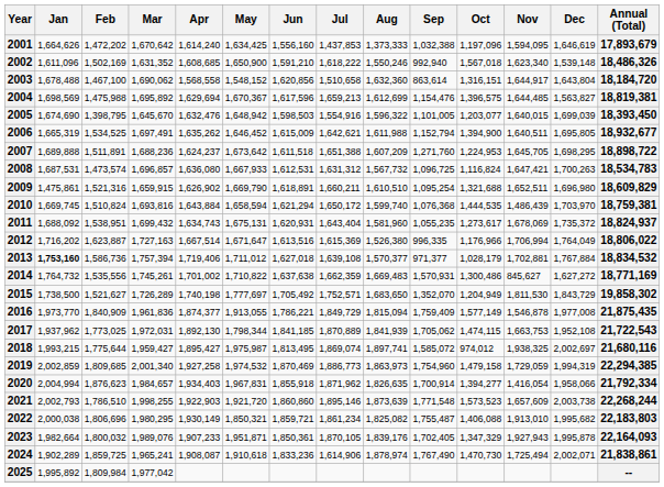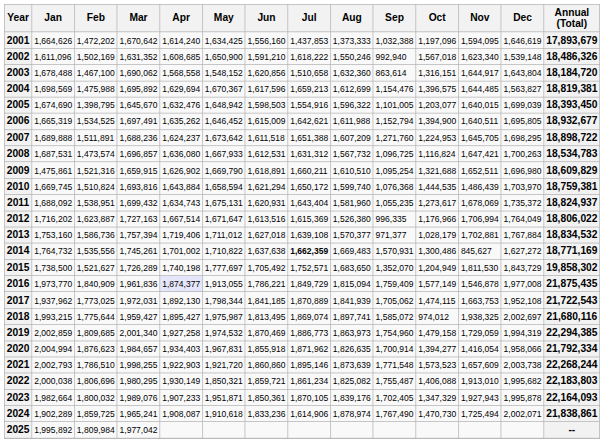 <table class="wikitable">
 <tr>
 <th>Year</th>
 <th>Jan</th>
 <th>Feb</th>
 <th>Mar</th>
 <th>Apr</th>
 <th>May</th>
 <th>Jun</th>
 <th>Jul</th>
 <th>Aug</th>
 <th>Sep</th>
 <th>Oct</th>
 <th>Nov</th>
 <th>Dec</th>
 <th>Annual (Total)</th>
 </tr>
 <tr>
 <th>2001</th>
 <td><small>1,664,626</small></td>
 <td><small>1,472,202</small></td>
 <td><small>1,670,642</small></td>
 <td><small>1,614,240</small></td>
 <td><small>1,634,425</small></td>
 <td><small>1,556,160</small></td>
 <td><small>1,437,853</small></td>
 <td><small>1,373,333</small></td>
 <td><small>1,032,388</small></td>
 <td><small>1,197,096</small></td>
 <td><small>1,594,095</small></td>
 <td><small>1,646,619</small></td>
 <th>17,893,679</th>
 </tr>
 <tr>
 <th>2002</th>
 <td><small>1,611,096</small></td>
 <td><small>1,502,169</small></td>
 <td><small>1,631,352</small></td>
 <td><small>1,608,685</small></td>
 <td><small>1,650,900</small></td>
 <td><small>1,591,210</small></td>
 <td><small>1,618,222</small></td>
 <td><small>1,550,246</small></td>
 <td><small>992,940</small></td>
 <td><small>1,567,018</small></td>
 <td><small>1,623,340</small></td>
 <td><small>1,539,148</small></td>
 <th>18,486,326</th>
 </tr>
 <tr>
 <th>2003</th>
 <td><small>1,678,488</small></td>
 <td><small>1,467,100</small></td>
 <td><small>1,690,062</small></td>
 <td><small>1,568,558</small></td>
 <td><small>1,548,152</small></td>
 <td><small>1,620,856</small></td>
 <td><small>1,510,658</small></td>
 <td><small>1,632,360</small></td>
 <td><small>863,614</small></td>
 <td><small>1,316,151</small></td>
 <td><small>1,644,917</small></td>
 <td><small>1,643,804</small></td>
 <th>18,184,720</th>
 </tr>
 <tr>
 <th>2004</th>
 <td><small>1,698,569</small></td>
 <td><small>1,475,988</small></td>
 <td><small>1,695,892</small></td>
 <td><small>1,629,694</small></td>
 <td><small>1,670,367</small></td>
 <td><small>1,617,596</small></td>
 <td><small>1,659,213</small></td>
 <td><small>1,612,699</small></td>
 <td><small>1,154,476</small></td>
 <td><small>1,396,575</small></td>
 <td><small>1,644,485</small></td>
 <td><small>1,563,827</small></td>
 <th>18,819,381</th>
 </tr>
 <tr>
 <th>2005</th>
 <td><small>1,674,690</small></td>
 <td><small>1,398,795</small></td>
 <td><small>1,645,670</small></td>
 <td><small>1,632,476</small></td>
 <td><small>1,648,942</small></td>
 <td><small>1,598,503</small></td>
 <td><small>1,554,916</small></td>
 <td><small>1,596,322</small></td>
 <td><small>1,101,005</small></td>
 <td><small>1,203,077</small></td>
 <td><small>1,640,015</small></td>
 <td><small>1,699,039</small></td>
 <th>18,393,450</th>
 </tr>
 <tr>
 <th>2006</th>
 <td><small>1,665,319</small></td>
 <td><small>1,534,525</small></td>
 <td><small>1,697,491</small></td>
 <td><small>1,635,262</small></td>
 <td><small>1,646,452</small></td>
 <td><small>1,615,009</small></td>
 <td><small>1,642,621</small></td>
 <td><small>1,611,988</small></td>
 <td><small>1,152,794</small></td>
 <td><small>1,394,900</small></td>
 <td><small>1,640,511</small></td>
 <td><small>1,695,805</small></td>
 <th>18,932,677</th>
 </tr>
 <tr>
 <th>2007</th>
 <td><small>1,689,888</small></td>
 <td><small>1,511,891</small></td>
 <td><small>1,688,236</small></td>
 <td><small>1,624,237</small></td>
 <td><small>1,673,642</small></td>
 <td><small>1,611,518</small></td>
 <td><small>1,651,388</small></td>
 <td><small>1,607,209</small></td>
 <td><small>1,271,760</small></td>
 <td><small>1,224,953</small></td>
 <td><small>1,645,705</small></td>
 <td><small>1,698,295</small></td>
 <th>18,898,722</th>
 </tr>
 <tr>
 <th>2008</th>
 <td><small>1,687,531</small></td>
 <td><small>1,473,574</small></td>
 <td><small>1,696,857</small></td>
 <td><small>1,636,080</small></td>
 <td><small>1,667,933</small></td>
 <td><small>1,612,531</small></td>
 <td><small>1,631,312</small></td>
 <td><small>1,567,732</small></td>
 <td><small>1,096,725</small></td>
 <td><small>1,116,824</small></td>
 <td><small>1,647,421</small></td>
 <td><small>1,700,263</small></td>
 <th>18,534,783</th>
 </tr>
 <tr>
 <th>2009</th>
 <td><small>1,475,861</small></td>
 <td><small>1,521,316</small></td>
 <td><small>1,659,915</small></td>
 <td><small>1,626,902</small></td>
 <td><small>1,669,790</small></td>
 <td><small>1,618,891</small></td>
 <td><small>1,660,211</small></td>
 <td><small>1,610,510</small></td>
 <td><small>1,095,254</small></td>
 <td><small>1,321,688</small></td>
 <td><small>1,652,511</small></td>
 <td><small>1,696,980</small></td>
 <th>18,609,829</th>
 </tr>
 <tr>
 <th>2010</th>
 <td><small>1,669,745</small></td>
 <td><small>1,510,824</small></td>
 <td><small>1,693,816</small></td>
 <td><small>1,643,884</small></td>
 <td><small>1,658,594</small></td>
 <td><small>1,621,294</small></td>
 <td><small>1,650,172</small></td>
 <td><small>1,599,740</small></td>
 <td><small>1,076,368</small></td>
 <td><small>1,444,535</small></td>
 <td><small>1,486,439</small></td>
 <td><small>1,703,970</small></td>
 <th>18,759,381</th>
 </tr>
 <tr>
 <th>2011</th>
 <td><small>1,688,092</small></td>
 <td><small>1,538,951</small></td>
 <td><small>1,699,432</small></td>
 <td><small>1,634,743</small></td>
 <td><small>1,675,131</small></td>
 <td><small>1,620,931</small></td>
 <td><small>1,643,404</small></td>
 <td><small>1,581,960</small></td>
 <td><small>1,055,235</small></td>
 <td><small>1,273,617</small></td>
 <td><small>1,678,069</small></td>
 <td><small>1,735,372</small></td>
 <th>18,824,937</th>
 </tr>
 <tr>
 <th>2012</th>
 <td><small>1,716,202</small></td>
 <td><small>1,623,887</small></td>
 <td><small>1,727,163</small></td>
 <td><small>1,667,514</small></td>
 <td><small>1,671,647</small></td>
 <td><small>1,613,516</small></td>
 <td><small>1,615,369</small></td>
 <td><small>1,526,380</small></td>
 <td><small>996,335</small></td>
 <td><small>1,176,966</small></td>
 <td><small>1,706,994</small></td>
 <td><small>1,764,049</small></td>
 <th>18,806,022</th>
 </tr>
 <tr>
 <th>2013</th>
-<td><strong><small>1,753,160</small></strong></td>
+<td><small>1,753,160</small></td>
 <td><small>1,586,736</small></td>
 <td><small>1,757,394</small></td>
 <td><small>1,719,406</small></td>
 <td><small>1,711,012</small></td>
 <td><small>1,627,018</small></td>
 <td><small>1,639,108</small></td>
 <td><small>1,570,377</small></td>
 <td><small>971,377</small></td>
 <td><small>1,028,179</small></td>
 <td><small>1,702,881</small></td>
 <td><small>1,767,884</small></td>
 <th>18,834,532</th>
 </tr>
 <tr>
 <th>2014</th>
 <td><small>1,764,732</small></td>
 <td><small>1,535,556</small></td>
 <td><small>1,745,261</small></td>
 <td><small>1,701,002</small></td>
 <td><small>1,710,822</small></td>
 <td><small>1,637,638</small></td>
-<td><small>1,662,359</small></td>
+<td><strong><small>1,662,359</small></strong></td>
 <td><small>1,669,483</small></td>
 <td><small>1,570,931</small></td>
 <td><small>1,300,486</small></td>
 <td><small>845,627</small></td>
 <td><small>1,627,272</small></td>
 <th>18,771,169</th>
 </tr>
 <tr>
 <th>2015</th>
 <td><small>1,738,500</small></td>
 <td><small>1,521,627</small></td>
 <td><small>1,726,289</small></td>
 <td><small>1,740,198</small></td>
 <td><small>1,777,697</small></td>
 <td><small>1,705,492</small></td>
 <td><small>1,752,571</small></td>
 <td><small>1,683,650</small></td>
 <td><small>1,352,070</small></td>
 <td><small>1,204,949</small></td>
 <td><small>1,811,530</small></td>
 <td><small>1,843,729</small></td>
 <th>19,858,302</th>
 </tr>
 <tr>
 <th>2016</th>
 <td><small>1,973,770</small></td>
 <td><small>1,840,909</small></td>
 <td><small>1,961,836</small></td>
-<td><small>1,874,377</small></td>
+<td style="background: lavender;"><small>1,874,377</small></td>
 <td><small>1,913,055</small></td>
 <td><small>1,786,221</small></td>
 <td><small>1,849,729</small></td>
 <td><small>1,815,094</small></td>
 <td><small>1,759,409</small></td>
 <td><small>1,577,149</small></td>
 <td><small>1,546,878</small></td>
 <td><small>1,977,008</small></td>
 <th>21,875,435</th>
 </tr>
 <tr>
 <th>2017</th>
 <td><small>1,937,962</small></td>
 <td><small>1,773,025</small></td>
 <td><small>1,972,031</small></td>
 <td><small>1,892,130</small></td>
 <td><small>1,798,344</small></td>
 <td><small>1,841,185</small></td>
 <td><small>1,870,889</small></td>
 <td><small>1,841,939</small></td>
 <td><small>1,705,062</small></td>
 <td><small>1,474,115</small></td>
 <td><small>1,663,753</small></td>
 <td><small>1,952,108</small></td>
 <th>21,722,543</th>
 </tr>
 <tr>
 <th>2018</th>
 <td><small>1,993,215</small></td>
 <td><small>1,775,644</small></td>
 <td><small>1,959,427</small></td>
 <td><small>1,895,427</small></td>
 <td><small>1,975,987</small></td>
 <td><small>1,813,495</small></td>
 <td><small>1,869,074</small></td>
 <td><small>1,897,741</small></td>
 <td><small>1,585,072</small></td>
 <td><small>974,012</small></td>
 <td><small>1,938,325</small></td>
 <td><small>2,002,697</small></td>
 <th>21,680,116</th>
 </tr>
 <tr>
 <th>2019</th>
 <td><small>2,002,859</small></td>
 <td><small>1,809,685</small></td>
 <td><small>2,001,340</small></td>
 <td><small>1,927,258</small></td>
 <td><small>1,974,532</small></td>
 <td><small>1,870,469</small></td>
 <td><small>1,886,773</small></td>
 <td><small>1,863,973</small></td>
 <td><small>1,754,960</small></td>
 <td><small>1,479,158</small></td>
 <td><small>1,729,059</small></td>
 <td><small>1,994,319</small></td>
 <th>22,294,385</th>
 </tr>
 <tr>
 <th>2020</th>
 <td><small>2,004,994</small></td>
 <td><small>1,876,623</small></td>
 <td><small>1,984,657</small></td>
 <td><small>1,934,403</small></td>
 <td><small>1,967,831</small></td>
 <td><small>1,855,918</small></td>
 <td><small>1,871,962</small></td>
 <td><small>1,826,635</small></td>
 <td><small>1,700,914</small></td>
 <td><small>1,394,277</small></td>
 <td><small>1,416,054</small></td>
 <td><small>1,958,066</small></td>
 <th>21,792,334</th>
 </tr>
 <tr>
 <th>2021</th>
 <td><small>2,002,793</small></td>
 <td><small>1,786,510</small></td>
 <td><small>1,998,255</small></td>
 <td><small>1,922,903</small></td>
 <td><small>1,921,720</small></td>
 <td><small>1,860,860</small></td>
 <td><small>1,895,146</small></td>
 <td><small>1,873,639</small></td>
 <td><small>1,771,548</small></td>
 <td><small>1,573,523</small></td>
 <td><small>1,657,609</small></td>
 <td><small>2,003,738</small></td>
 <th>22,268,244</th>
 </tr>
 <tr>
 <th>2022</th>
 <td><small>2,000,038</small></td>
 <td><small>1,806,696</small></td>
 <td><small>1,980,295</small></td>
 <td><small>1,930,149</small></td>
 <td><small>1,850,321</small></td>
 <td><small>1,859,721</small></td>
 <td><small>1,861,234</small></td>
 <td><small>1,825,082</small></td>
 <td><small>1,755,487</small></td>
 <td><small>1,406,088</small></td>
 <td><small>1,913,010</small></td>
 <td><small>1,995,682</small></td>
 <th>22,183,803</th>
 </tr>
 <tr>
 <th>2023</th>
 <td><small>1,982,664</small></td>
 <td><small>1,800,032</small></td>
 <td><small>1,989,076</small></td>
 <td><small>1,907,233</small></td>
 <td><small>1,951,871</small></td>
 <td><small>1,850,361</small></td>
 <td><small>1,870,105</small></td>
 <td><small>1,839,176</small></td>
 <td><small>1,702,405</small></td>
 <td><small>1,347,329</small></td>
 <td><small>1,927,943</small></td>
 <td><small>1,995,878</small></td>
 <th>22,164,093</th>
 </tr>
 <tr>
 <th>2024</th>
 <td><small>1,902,289</small></td>
 <td><small>1,859,725</small></td>
 <td><small>1,965,241</small></td>
 <td><small>1,908,087</small></td>
 <td><small>1,910,618</small></td>
 <td><small>1,833,236</small></td>
 <td><small>1,614,906</small></td>
 <td><small>1,878,974</small></td>
 <td><small>1,767,490</small></td>
 <td><small>1,470,730</small></td>
 <td><small>1,725,494</small></td>
 <td><small>2,002,071</small></td>
 <th>21,838,861</th>
 </tr>
 <tr>
 <th>2025</th>
 <td><small>1,995,892</small></td>
 <td><small>1,809,984</small></td>
 <td><small>1,977,042</small></td>
 <td><small></small></td>
 <td><small></small></td>
 <td><small></small></td>
 <td><small></small></td>
 <td><small></small></td>
 <td><small></small></td>
 <td><small></small></td>
 <td><small></small></td>
 <td><small></small></td>
 <th>--</th>
 </tr>
 <tr>
 </tr>
 </table>
